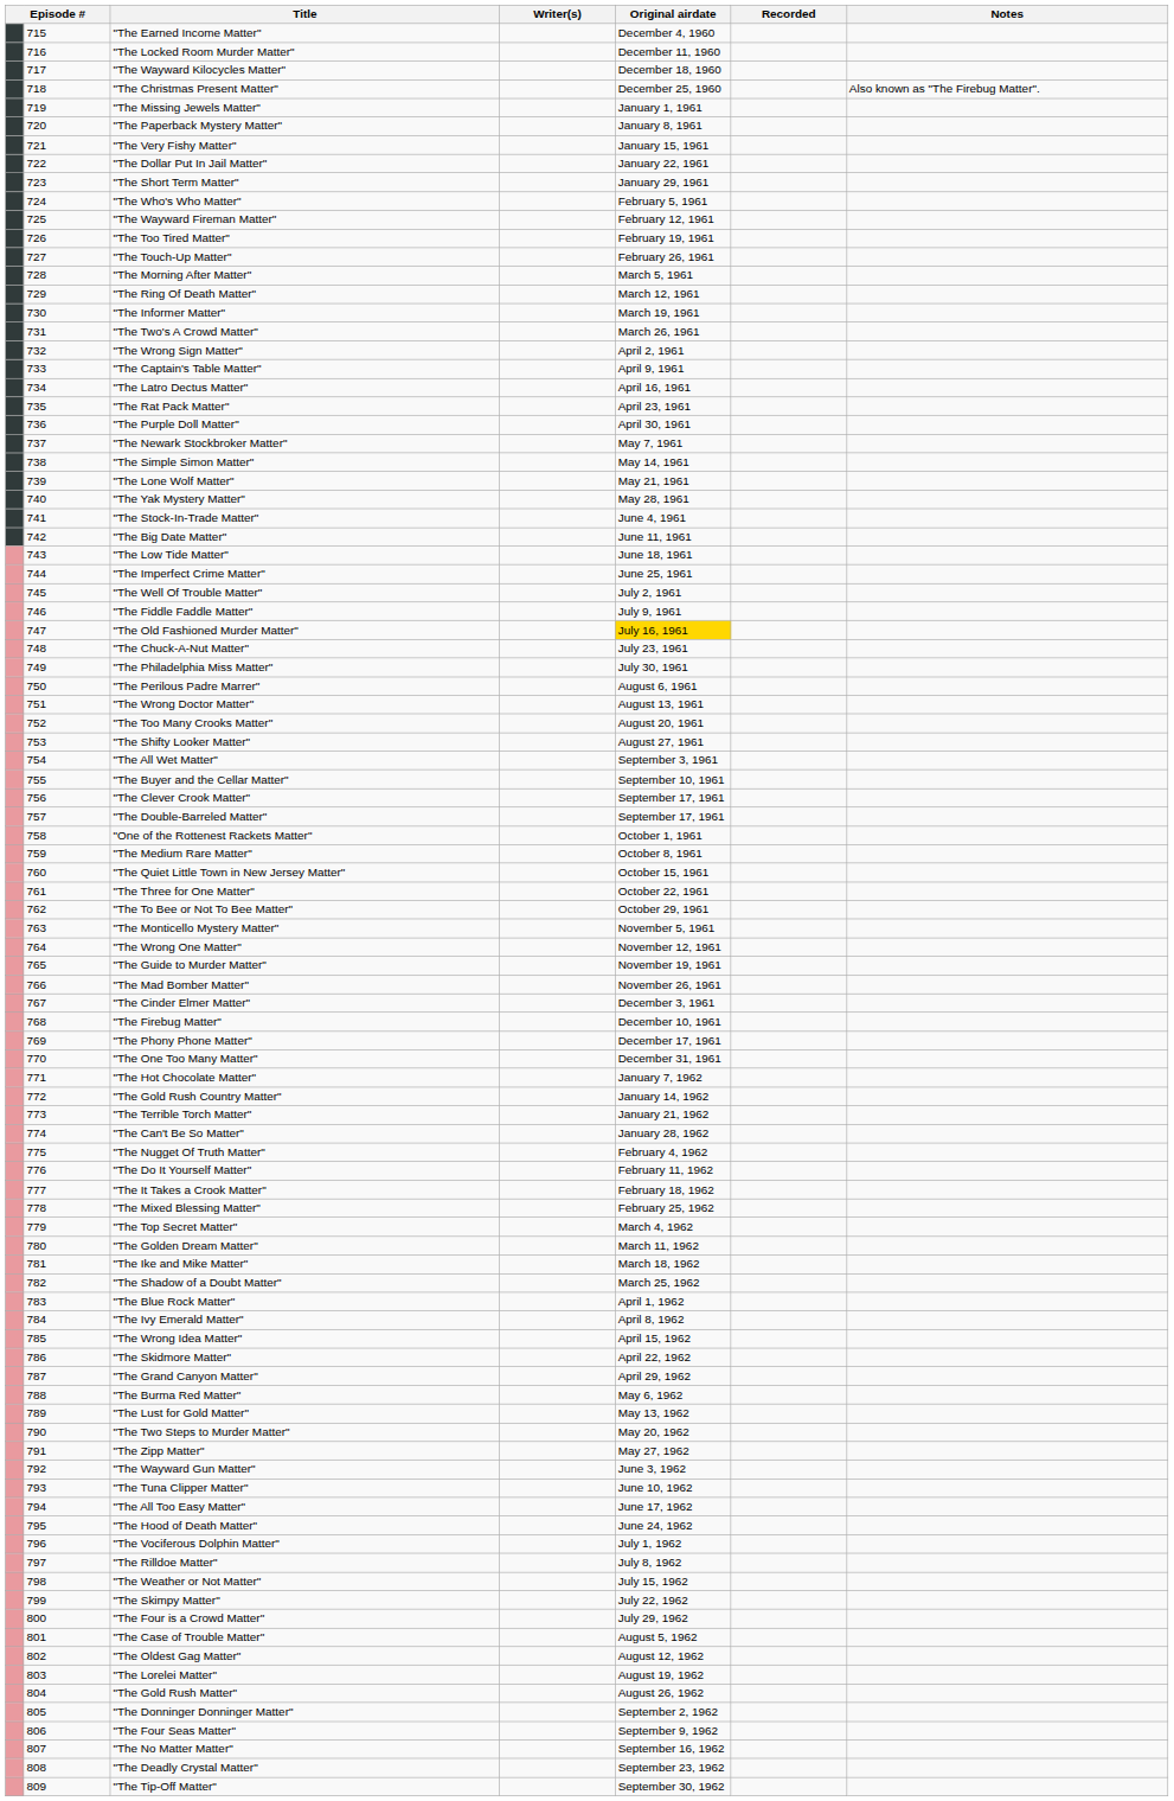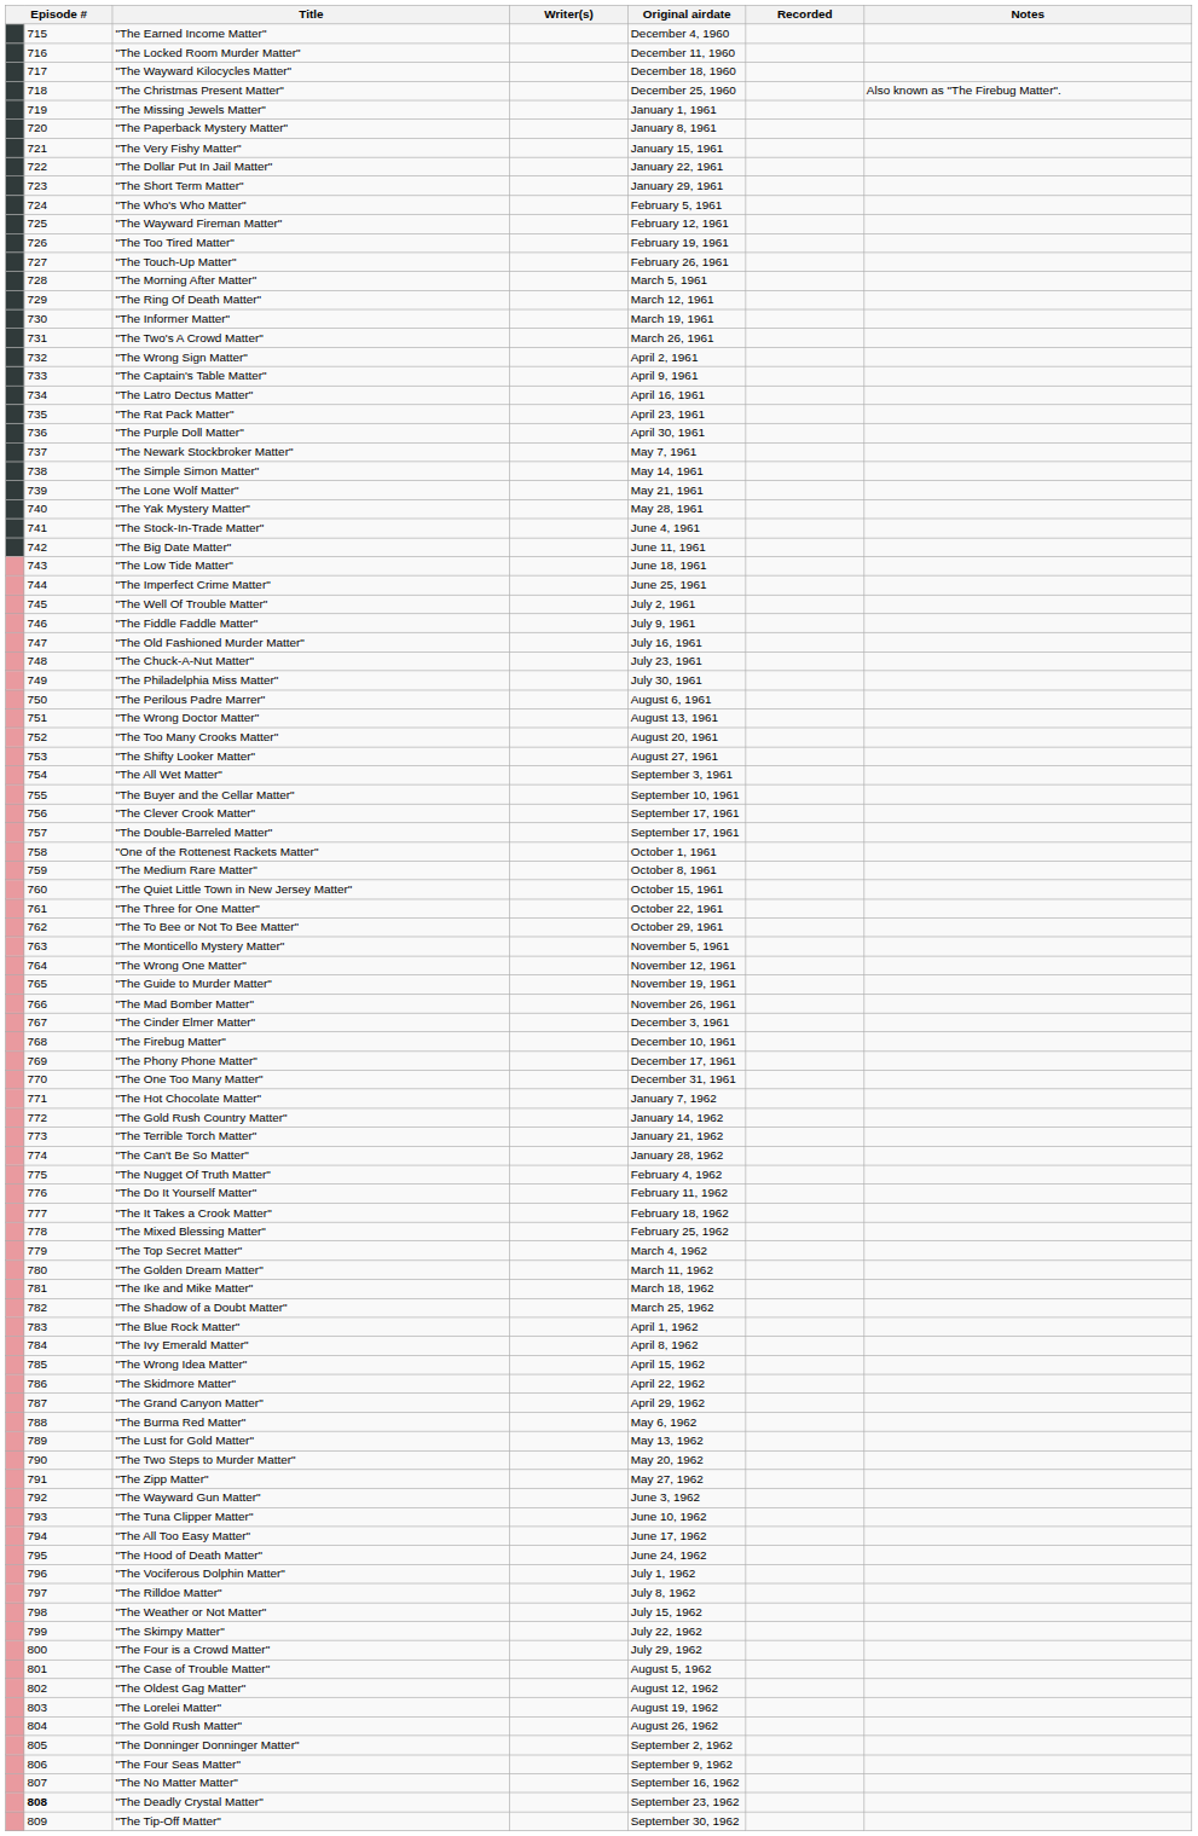 <table class="wikitable" style="width:100%;">
 <tr>
 <th colspan=2 style="width:5em">Episode #</th>
 <th>Title</th>
 <th width="150">Writer(s)</th>
 <th width="150">Original airdate</th>
 <th width="150">Recorded</th>
 <th>Notes</th>
 </tr>
 <tr>
 <td style="background:#303A3A"></td>
 <td>715</td>
 <td>"The Earned Income Matter"</td>
 <td></td>
 <td>December 4, 1960</td>
 <td></td>
 <td></td>
 </tr>
 <tr>
 <td style="background:#303A3A"></td>
 <td>716</td>
 <td>"The Locked Room Murder Matter"</td>
 <td></td>
 <td>December 11, 1960</td>
 <td></td>
 <td></td>
 </tr>
 <tr>
 <td style="background:#303A3A"></td>
 <td>717</td>
 <td>"The Wayward Kilocycles Matter"</td>
 <td></td>
 <td>December 18, 1960</td>
 <td></td>
 <td></td>
 </tr>
 <tr>
 <td style="background:#303A3A"></td>
 <td>718</td>
 <td>"The Christmas Present Matter"</td>
 <td></td>
 <td>December 25, 1960</td>
 <td></td>
 <td>Also known as "The Firebug Matter".</td>
 </tr>
 <tr>
 <td style="background:#303A3A"></td>
 <td>719</td>
 <td>"The Missing Jewels Matter"</td>
 <td></td>
 <td>January 1, 1961</td>
 <td></td>
 <td></td>
 </tr>
 <tr>
 <td style="background:#303A3A"></td>
 <td>720</td>
 <td>"The Paperback Mystery Matter"</td>
 <td></td>
 <td>January 8, 1961</td>
 <td></td>
 <td></td>
 </tr>
 <tr>
 <td style="background:#303A3A"></td>
 <td>721</td>
 <td>"The Very Fishy Matter"</td>
 <td></td>
 <td>January 15, 1961</td>
 <td></td>
 <td></td>
 </tr>
 <tr>
 <td style="background:#303A3A"></td>
 <td>722</td>
 <td>"The Dollar Put In Jail Matter"</td>
 <td></td>
 <td>January 22, 1961</td>
 <td></td>
 <td></td>
 </tr>
 <tr>
 <td style="background:#303A3A"></td>
 <td>723</td>
 <td>"The Short Term Matter"</td>
 <td></td>
 <td>January 29, 1961</td>
 <td></td>
 <td></td>
 </tr>
 <tr>
 <td style="background:#303A3A"></td>
 <td>724</td>
 <td>"The Who's Who Matter"</td>
 <td></td>
 <td>February 5, 1961</td>
 <td></td>
 <td></td>
 </tr>
 <tr>
 <td style="background:#303A3A"></td>
 <td>725</td>
 <td>"The Wayward Fireman Matter"</td>
 <td></td>
 <td>February 12, 1961</td>
 <td></td>
 <td></td>
 </tr>
 <tr>
 <td style="background:#303A3A"></td>
 <td>726</td>
 <td>"The Too Tired Matter"</td>
 <td></td>
 <td>February 19, 1961</td>
 <td></td>
 <td></td>
 </tr>
 <tr>
 <td style="background:#303A3A"></td>
 <td>727</td>
 <td>"The Touch-Up Matter"</td>
 <td></td>
 <td>February 26, 1961</td>
 <td></td>
 <td></td>
 </tr>
 <tr>
 <td style="background:#303A3A"></td>
 <td>728</td>
 <td>"The Morning After Matter"</td>
 <td></td>
 <td>March 5, 1961</td>
 <td></td>
 <td></td>
 </tr>
 <tr>
 <td style="background:#303A3A"></td>
 <td>729</td>
 <td>"The Ring Of Death Matter"</td>
 <td></td>
 <td>March 12, 1961</td>
 <td></td>
 <td></td>
 </tr>
 <tr>
 <td style="background:#303A3A"></td>
 <td>730</td>
 <td>"The Informer Matter"</td>
 <td></td>
 <td>March 19, 1961</td>
 <td></td>
 <td></td>
 </tr>
 <tr>
 <td style="background:#303A3A"></td>
 <td>731</td>
 <td>"The Two's A Crowd Matter"</td>
 <td></td>
 <td>March 26, 1961</td>
 <td></td>
 <td></td>
 </tr>
 <tr>
 <td style="background:#303A3A"></td>
 <td>732</td>
 <td>"The Wrong Sign Matter"</td>
 <td></td>
 <td>April 2, 1961</td>
 <td></td>
 <td></td>
 </tr>
 <tr>
 <td style="background:#303A3A"></td>
 <td>733</td>
 <td>"The Captain's Table Matter"</td>
 <td></td>
 <td>April 9, 1961</td>
 <td></td>
 <td></td>
 </tr>
 <tr>
 <td style="background:#303A3A"></td>
 <td>734</td>
 <td>"The Latro Dectus Matter"</td>
 <td></td>
 <td>April 16, 1961</td>
 <td></td>
 <td></td>
 </tr>
 <tr>
 <td style="background:#303A3A"></td>
 <td>735</td>
 <td>"The Rat Pack Matter"</td>
 <td></td>
 <td>April 23, 1961</td>
 <td></td>
 <td></td>
 </tr>
 <tr>
 <td style="background:#303A3A"></td>
 <td>736</td>
 <td>"The Purple Doll Matter"</td>
 <td></td>
 <td>April 30, 1961</td>
 <td></td>
 <td></td>
 </tr>
 <tr>
 <td style="background:#303A3A"></td>
 <td>737</td>
 <td>"The Newark Stockbroker Matter"</td>
 <td></td>
 <td>May 7, 1961</td>
 <td></td>
 <td></td>
 </tr>
 <tr>
 <td style="background:#303A3A"></td>
 <td>738</td>
 <td>"The Simple Simon Matter"</td>
 <td></td>
 <td>May 14, 1961</td>
 <td></td>
 <td></td>
 </tr>
 <tr>
 <td style="background:#303A3A"></td>
 <td>739</td>
 <td>"The Lone Wolf Matter"</td>
 <td></td>
 <td>May 21, 1961</td>
 <td></td>
 <td></td>
 </tr>
 <tr>
 <td style="background:#303A3A"></td>
 <td>740</td>
 <td>"The Yak Mystery Matter"</td>
 <td></td>
 <td>May 28, 1961</td>
 <td></td>
 <td></td>
 </tr>
 <tr>
 <td style="background:#303A3A"></td>
 <td>741</td>
 <td>"The Stock-In-Trade Matter"</td>
 <td></td>
 <td>June 4, 1961</td>
 <td></td>
 <td></td>
 </tr>
 <tr>
 <td style="background:#303A3A"></td>
 <td>742</td>
 <td>"The Big Date Matter"</td>
 <td></td>
 <td>June 11, 1961</td>
 <td></td>
 <td></td>
 </tr>
 <tr>
 <td style="background:#E99A9F"></td>
 <td>743</td>
 <td>"The Low Tide Matter"</td>
 <td></td>
 <td>June 18, 1961</td>
 <td></td>
 <td Although this is Mandel Kramer's first episode as Dollar, a key plot point revolves around a character recognizing his voice from the radio.></td>
 </tr>
 <tr>
 <td style="background:#E99A9F"></td>
 <td>744</td>
 <td>"The Imperfect Crime Matter"</td>
 <td></td>
 <td>June 25, 1961</td>
 <td></td>
 <td></td>
 </tr>
 <tr>
 <td style="background:#E99A9F"></td>
 <td>745</td>
 <td>"The Well Of Trouble Matter"</td>
 <td></td>
 <td>July 2, 1961</td>
 <td></td>
 <td></td>
 </tr>
 <tr>
 <td style="background:#E99A9F"></td>
 <td>746</td>
 <td>"The Fiddle Faddle Matter"</td>
 <td></td>
 <td>July 9, 1961</td>
 <td></td>
 <td></td>
 </tr>
 <tr>
 <td style="background:#E99A9F"></td>
 <td>747</td>
 <td>"The Old Fashioned Murder Matter"</td>
 <td></td>
-<td style="background: gold;">July 16, 1961</td>
+<td>July 16, 1961</td>
 <td></td>
 <td></td>
 </tr>
 <tr>
 <td style="background:#E99A9F"></td>
 <td>748</td>
 <td>"The Chuck-A-Nut Matter"</td>
 <td></td>
 <td>July 23, 1961</td>
 <td></td>
 <td></td>
 </tr>
 <tr>
 <td style="background:#E99A9F"></td>
 <td>749</td>
 <td>"The Philadelphia Miss Matter"</td>
 <td></td>
 <td>July 30, 1961</td>
 <td></td>
 <td></td>
 </tr>
 <tr>
 <td style="background:#E99A9F"></td>
 <td>750</td>
 <td>"The Perilous Padre Marrer"</td>
 <td></td>
 <td>August 6, 1961</td>
 <td></td>
 <td></td>
 </tr>
 <tr>
 <td style="background:#E99A9F"></td>
 <td>751</td>
 <td>"The Wrong Doctor Matter"</td>
 <td></td>
 <td>August 13, 1961</td>
 <td></td>
 <td></td>
 </tr>
 <tr>
 <td style="background:#E99A9F"></td>
 <td>752</td>
 <td>"The Too Many Crooks Matter"</td>
 <td></td>
 <td>August 20, 1961</td>
 <td></td>
 <td></td>
 </tr>
 <tr>
 <td style="background:#E99A9F"></td>
 <td>753</td>
 <td>"The Shifty Looker Matter"</td>
 <td></td>
 <td>August 27, 1961</td>
 <td></td>
 <td></td>
 </tr>
 <tr>
 <td style="background:#E99A9F"></td>
 <td>754</td>
 <td>"The All Wet Matter"</td>
 <td></td>
 <td>September 3, 1961</td>
 <td></td>
 <td></td>
 </tr>
 <tr>
 <td style="background:#E99A9F"></td>
 <td>755</td>
 <td>"The Buyer and the Cellar Matter"</td>
 <td></td>
 <td>September 10, 1961</td>
 <td></td>
 <td></td>
 </tr>
 <tr>
 <td style="background:#E99A9F"></td>
 <td>756</td>
 <td>"The Clever Crook Matter"</td>
 <td></td>
 <td>September 17, 1961</td>
 <td></td>
 <td></td>
 </tr>
 <tr>
 <td style="background:#E99A9F"></td>
 <td>757</td>
 <td>"The Double-Barreled Matter"</td>
 <td></td>
 <td>September 17, 1961</td>
 <td></td>
 <td></td>
 </tr>
 <tr>
 <td style="background:#E99A9F"></td>
 <td>758</td>
 <td>"One of the Rottenest Rackets Matter"</td>
 <td></td>
 <td>October 1, 1961</td>
 <td></td>
 <td></td>
 </tr>
 <tr>
 <td style="background:#E99A9F"></td>
 <td>759</td>
 <td>"The Medium Rare Matter"</td>
 <td></td>
 <td>October 8, 1961</td>
 <td></td>
 <td></td>
 </tr>
 <tr>
 <td style="background:#E99A9F"></td>
 <td>760</td>
 <td>"The Quiet Little Town in New Jersey Matter"</td>
 <td></td>
 <td>October 15, 1961</td>
 <td></td>
 <td></td>
 </tr>
 <tr>
 <td style="background:#E99A9F"></td>
 <td>761</td>
 <td>"The Three for One Matter"</td>
 <td></td>
 <td>October 22, 1961</td>
 <td></td>
 <td></td>
 </tr>
 <tr>
 <td style="background:#E99A9F"></td>
 <td>762</td>
 <td>"The To Bee or Not To Bee Matter"</td>
 <td></td>
 <td>October 29, 1961</td>
 <td></td>
 <td></td>
 </tr>
 <tr>
 <td style="background:#E99A9F"></td>
 <td>763</td>
 <td>"The Monticello Mystery Matter"</td>
 <td></td>
 <td>November 5, 1961</td>
 <td></td>
 <td></td>
 </tr>
 <tr>
 <td style="background:#E99A9F"></td>
 <td>764</td>
 <td>"The Wrong One Matter"</td>
 <td></td>
 <td>November 12, 1961</td>
 <td></td>
 <td></td>
 </tr>
 <tr>
 <td style="background:#E99A9F"></td>
 <td>765</td>
 <td>"The Guide to Murder Matter"</td>
 <td></td>
 <td>November 19, 1961</td>
 <td></td>
 <td></td>
 </tr>
 <tr>
 <td style="background:#E99A9F"></td>
 <td>766</td>
 <td>"The Mad Bomber Matter"</td>
 <td></td>
 <td>November 26, 1961</td>
 <td></td>
 <td></td>
 </tr>
 <tr>
 <td style="background:#E99A9F"></td>
 <td>767</td>
 <td>"The Cinder Elmer Matter"</td>
 <td></td>
 <td>December 3, 1961</td>
 <td></td>
 <td></td>
 </tr>
 <tr>
 <td style="background:#E99A9F"></td>
 <td>768</td>
 <td>"The Firebug Matter"</td>
 <td></td>
 <td>December 10, 1961</td>
 <td></td>
 <td></td>
 </tr>
 <tr>
 <td style="background:#E99A9F"></td>
 <td>769</td>
 <td>"The Phony Phone Matter"</td>
 <td></td>
 <td>December 17, 1961</td>
 <td></td>
 <td></td>
 </tr>
 <tr>
 <td style="background:#E99A9F"></td>
 <td>770</td>
 <td>"The One Too Many Matter"</td>
 <td></td>
 <td>December 31, 1961</td>
 <td></td>
 <td></td>
 </tr>
 <tr>
 <td style="background:#E99A9F"></td>
 <td>771</td>
 <td>"The Hot Chocolate Matter"</td>
 <td></td>
 <td>January 7, 1962</td>
 <td></td>
 <td></td>
 </tr>
 <tr>
 <td style="background:#E99A9F"></td>
 <td>772</td>
 <td>"The Gold Rush Country Matter"</td>
 <td></td>
 <td>January 14, 1962</td>
 <td></td>
 <td></td>
 </tr>
 <tr>
 <td style="background:#E99A9F"></td>
 <td>773</td>
 <td>"The Terrible Torch Matter"</td>
 <td></td>
 <td>January 21, 1962</td>
 <td></td>
 <td></td>
 </tr>
 <tr>
 <td style="background:#E99A9F"></td>
 <td>774</td>
 <td>"The Can't Be So Matter"</td>
 <td></td>
 <td>January 28, 1962</td>
 <td></td>
 <td></td>
 </tr>
 <tr>
 <td style="background:#E99A9F"></td>
 <td>775</td>
 <td>"The Nugget Of Truth Matter"</td>
 <td></td>
 <td>February 4, 1962</td>
 <td></td>
 <td></td>
 </tr>
 <tr>
 <td style="background:#E99A9F"></td>
 <td>776</td>
 <td>"The Do It Yourself Matter"</td>
 <td></td>
 <td>February 11, 1962</td>
 <td></td>
 <td></td>
 </tr>
 <tr>
 <td style="background:#E99A9F"></td>
 <td>777</td>
 <td>"The It Takes a Crook Matter"</td>
 <td></td>
 <td>February 18, 1962</td>
 <td></td>
 <td></td>
 </tr>
 <tr>
 <td style="background:#E99A9F"></td>
 <td>778</td>
 <td>"The Mixed Blessing Matter"</td>
 <td></td>
 <td>February 25, 1962</td>
 <td></td>
 <td></td>
 </tr>
 <tr>
 <td style="background:#E99A9F"></td>
 <td>779</td>
 <td>"The Top Secret Matter"</td>
 <td></td>
 <td>March 4, 1962</td>
 <td></td>
 <td></td>
 </tr>
 <tr>
 <td style="background:#E99A9F"></td>
 <td>780</td>
 <td>"The Golden Dream Matter"</td>
 <td></td>
 <td>March 11, 1962</td>
 <td></td>
 <td></td>
 </tr>
 <tr>
 <td style="background:#E99A9F"></td>
 <td>781</td>
 <td>"The Ike and Mike Matter"</td>
 <td></td>
 <td>March 18, 1962</td>
 <td></td>
 <td></td>
 </tr>
 <tr>
 <td style="background:#E99A9F"></td>
 <td>782</td>
 <td>"The Shadow of a Doubt Matter"</td>
 <td></td>
 <td>March 25, 1962</td>
 <td></td>
 <td></td>
 </tr>
 <tr>
 <td style="background:#E99A9F"></td>
 <td>783</td>
 <td>"The Blue Rock Matter"</td>
 <td></td>
 <td>April 1, 1962</td>
 <td></td>
 <td></td>
 </tr>
 <tr>
 <td style="background:#E99A9F"></td>
 <td>784</td>
 <td>"The Ivy Emerald Matter"</td>
 <td></td>
 <td>April 8, 1962</td>
 <td></td>
 <td></td>
 </tr>
 <tr>
 <td style="background:#E99A9F"></td>
 <td>785</td>
 <td>"The Wrong Idea Matter"</td>
 <td></td>
 <td>April 15, 1962</td>
 <td></td>
 <td></td>
 </tr>
 <tr>
 <td style="background:#E99A9F"></td>
 <td>786</td>
 <td>"The Skidmore Matter"</td>
 <td></td>
 <td>April 22, 1962</td>
 <td></td>
 <td></td>
 </tr>
 <tr>
 <td style="background:#E99A9F"></td>
 <td>787</td>
 <td>"The Grand Canyon Matter"</td>
 <td></td>
 <td>April 29, 1962</td>
 <td></td>
 <td></td>
 </tr>
 <tr>
 <td style="background:#E99A9F"></td>
 <td>788</td>
 <td>"The Burma Red Matter"</td>
 <td></td>
 <td>May 6, 1962</td>
 <td></td>
 <td></td>
 </tr>
 <tr>
 <td style="background:#E99A9F"></td>
 <td>789</td>
 <td>"The Lust for Gold Matter"</td>
 <td></td>
 <td>May 13, 1962</td>
 <td></td>
 <td></td>
 </tr>
 <tr>
 <td style="background:#E99A9F"></td>
 <td>790</td>
 <td>"The Two Steps to Murder Matter"</td>
 <td></td>
 <td>May 20, 1962</td>
 <td></td>
 <td></td>
 </tr>
 <tr>
 <td style="background:#E99A9F"></td>
 <td>791</td>
 <td>"The Zipp Matter"</td>
 <td></td>
 <td>May 27, 1962</td>
 <td></td>
 <td></td>
 </tr>
 <tr>
 <td style="background:#E99A9F"></td>
 <td>792</td>
 <td>"The Wayward Gun Matter"</td>
 <td></td>
 <td>June 3, 1962</td>
 <td></td>
 <td></td>
 </tr>
 <tr>
 <td style="background:#E99A9F"></td>
 <td>793</td>
 <td>"The Tuna Clipper Matter"</td>
 <td></td>
 <td>June 10, 1962</td>
 <td></td>
 <td></td>
 </tr>
 <tr>
 <td style="background:#E99A9F"></td>
 <td>794</td>
 <td>"The All Too Easy Matter"</td>
 <td></td>
 <td>June 17, 1962</td>
 <td></td>
 <td></td>
 </tr>
 <tr>
 <td style="background:#E99A9F"></td>
 <td>795</td>
 <td>"The Hood of Death Matter"</td>
 <td></td>
 <td>June 24, 1962</td>
 <td></td>
 <td></td>
 </tr>
 <tr>
 <td style="background:#E99A9F"></td>
 <td>796</td>
 <td>"The Vociferous Dolphin Matter"</td>
 <td></td>
 <td>July 1, 1962</td>
 <td></td>
 <td></td>
 </tr>
 <tr>
 <td style="background:#E99A9F"></td>
 <td>797</td>
 <td>"The Rilldoe Matter"</td>
 <td></td>
 <td>July 8, 1962</td>
 <td></td>
 <td></td>
 </tr>
 <tr>
 <td style="background:#E99A9F"></td>
 <td>798</td>
 <td>"The Weather or Not Matter"</td>
 <td></td>
 <td>July 15, 1962</td>
 <td></td>
 <td></td>
 </tr>
 <tr>
 <td style="background:#E99A9F"></td>
 <td>799</td>
 <td>"The Skimpy Matter"</td>
 <td></td>
 <td>July 22, 1962</td>
 <td></td>
 <td></td>
 </tr>
 <tr>
 <td style="background:#E99A9F"></td>
 <td>800</td>
 <td>"The Four is a Crowd Matter"</td>
 <td></td>
 <td>July 29, 1962</td>
 <td></td>
 <td></td>
 </tr>
 <tr>
 <td style="background:#E99A9F"></td>
 <td>801</td>
 <td>"The Case of Trouble Matter"</td>
 <td></td>
 <td>August 5, 1962</td>
 <td></td>
 <td></td>
 </tr>
 <tr>
 <td style="background:#E99A9F"></td>
 <td>802</td>
 <td>"The Oldest Gag Matter"</td>
 <td></td>
 <td>August 12, 1962</td>
 <td></td>
 <td></td>
 </tr>
 <tr>
 <td style="background:#E99A9F"></td>
 <td>803</td>
 <td>"The Lorelei Matter"</td>
 <td></td>
 <td>August 19, 1962</td>
 <td></td>
 <td></td>
 </tr>
 <tr>
 <td style="background:#E99A9F"></td>
 <td>804</td>
 <td>"The Gold Rush Matter"</td>
 <td></td>
 <td>August 26, 1962</td>
 <td></td>
 <td></td>
 </tr>
 <tr>
 <td style="background:#E99A9F"></td>
 <td>805</td>
 <td>"The Donninger Donninger Matter"</td>
 <td></td>
 <td>September 2, 1962</td>
 <td></td>
 <td></td>
 </tr>
 <tr>
 <td style="background:#E99A9F"></td>
 <td>806</td>
 <td>"The Four Seas Matter"</td>
 <td></td>
 <td>September 9, 1962</td>
 <td></td>
 <td></td>
 </tr>
 <tr>
 <td style="background:#E99A9F"></td>
 <td>807</td>
 <td>"The No Matter Matter"</td>
 <td></td>
 <td>September 16, 1962</td>
 <td></td>
 <td></td>
 </tr>
 <tr>
 <td style="background:#E99A9F"></td>
-<td>808</td>
+<td><strong>808</strong></td>
 <td>"The Deadly Crystal Matter"</td>
 <td></td>
 <td>September 23, 1962</td>
 <td></td>
 <td></td>
 </tr>
 <tr>
 <td style="background:#E99A9F"></td>
 <td>809</td>
 <td>"The Tip-Off Matter"</td>
 <td></td>
 <td>September 30, 1962</td>
 <td></td>
 <td></td>
 </tr>
 </table>
